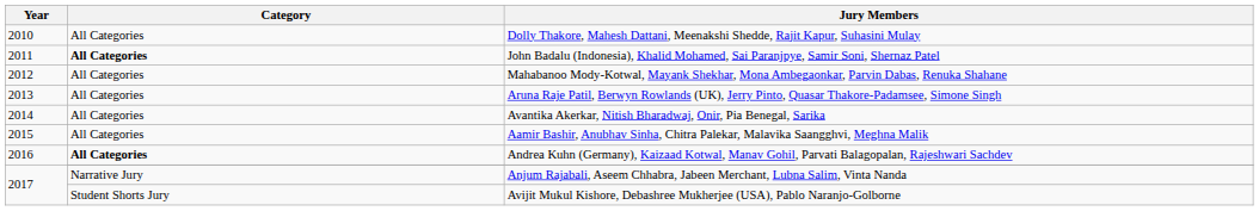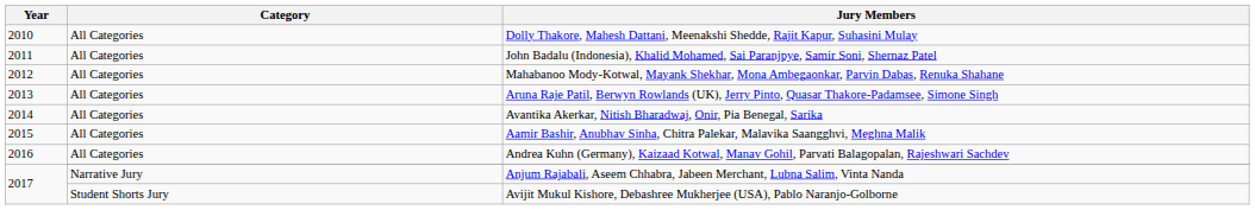 <table class="wikitable sortable" style="width:100%">
 <tr>
 <th width="5%">Year</th>
 <th width="*">Category</th>
 <th width="60%">Jury Members</th>
 </tr>
 <tr>
 <td>2010 </td>
 <td>All Categories</td>
 <td><a href='#'>Dolly Thakore</a>, <a href='#'>Mahesh Dattani</a>, Meenakshi Shedde, <a href='#'>Rajit Kapur</a>, <a href='#'>Suhasini Mulay</a></td>
 </tr>
 <tr>
 <td>2011 </td>
-<td><strong>All Categories</strong></td>
+<td>All Categories</td>
 <td>John Badalu (Indonesia), <a href='#'>Khalid Mohamed</a>, <a href='#'>Sai Paranjpye</a>, <a href='#'>Samir Soni</a>, <a href='#'>Shernaz Patel</a></td>
 </tr>
 <tr>
 <td>2012 </td>
 <td>All Categories</td>
 <td>Mahabanoo Mody-Kotwal, <a href='#'>Mayank Shekhar</a>, <a href='#'>Mona Ambegaonkar</a>, <a href='#'>Parvin Dabas</a>, <a href='#'>Renuka Shahane</a></td>
 </tr>
 <tr>
 <td>2013 </td>
 <td>All Categories</td>
 <td><a href='#'>Aruna Raje Patil</a>, <a href='#'>Berwyn Rowlands</a> (UK), <a href='#'>Jerry Pinto</a>, <a href='#'>Quasar Thakore-Padamsee</a>, <a href='#'>Simone Singh</a></td>
 </tr>
 <tr>
 <td>2014 </td>
 <td>All Categories</td>
 <td>Avantika Akerkar, <a href='#'>Nitish Bharadwaj</a>, <a href='#'>Onir</a>, Pia Benegal, <a href='#'>Sarika</a></td>
 </tr>
 <tr>
 <td>2015 </td>
 <td>All Categories</td>
 <td><a href='#'>Aamir Bashir</a>, <a href='#'>Anubhav Sinha</a>, Chitra Palekar, Malavika Saangghvi, <a href='#'>Meghna Malik</a></td>
 </tr>
 <tr>
 <td>2016 </td>
-<td><strong>All Categories</strong></td>
+<td>All Categories</td>
 <td>Andrea Kuhn (Germany), <a href='#'>Kaizaad Kotwal</a>, <a href='#'>Manav Gohil</a>, Parvati Balagopalan, <a href='#'>Rajeshwari Sachdev</a></td>
 </tr>
 <tr>
 <td rowspan="4">2017 </td>
 </tr>
 <tr>
 <td>Narrative Jury</td>
 <td><a href='#'>Anjum Rajabali</a>, Aseem Chhabra, Jabeen Merchant, <a href='#'>Lubna Salim</a>, Vinta Nanda</td>
 </tr>
 <tr>
 <td>Student Shorts Jury</td>
 <td>Avijit Mukul Kishore, Debashree Mukherjee (USA), Pablo Naranjo-Golborne</td>
 </tr>
 </table>
